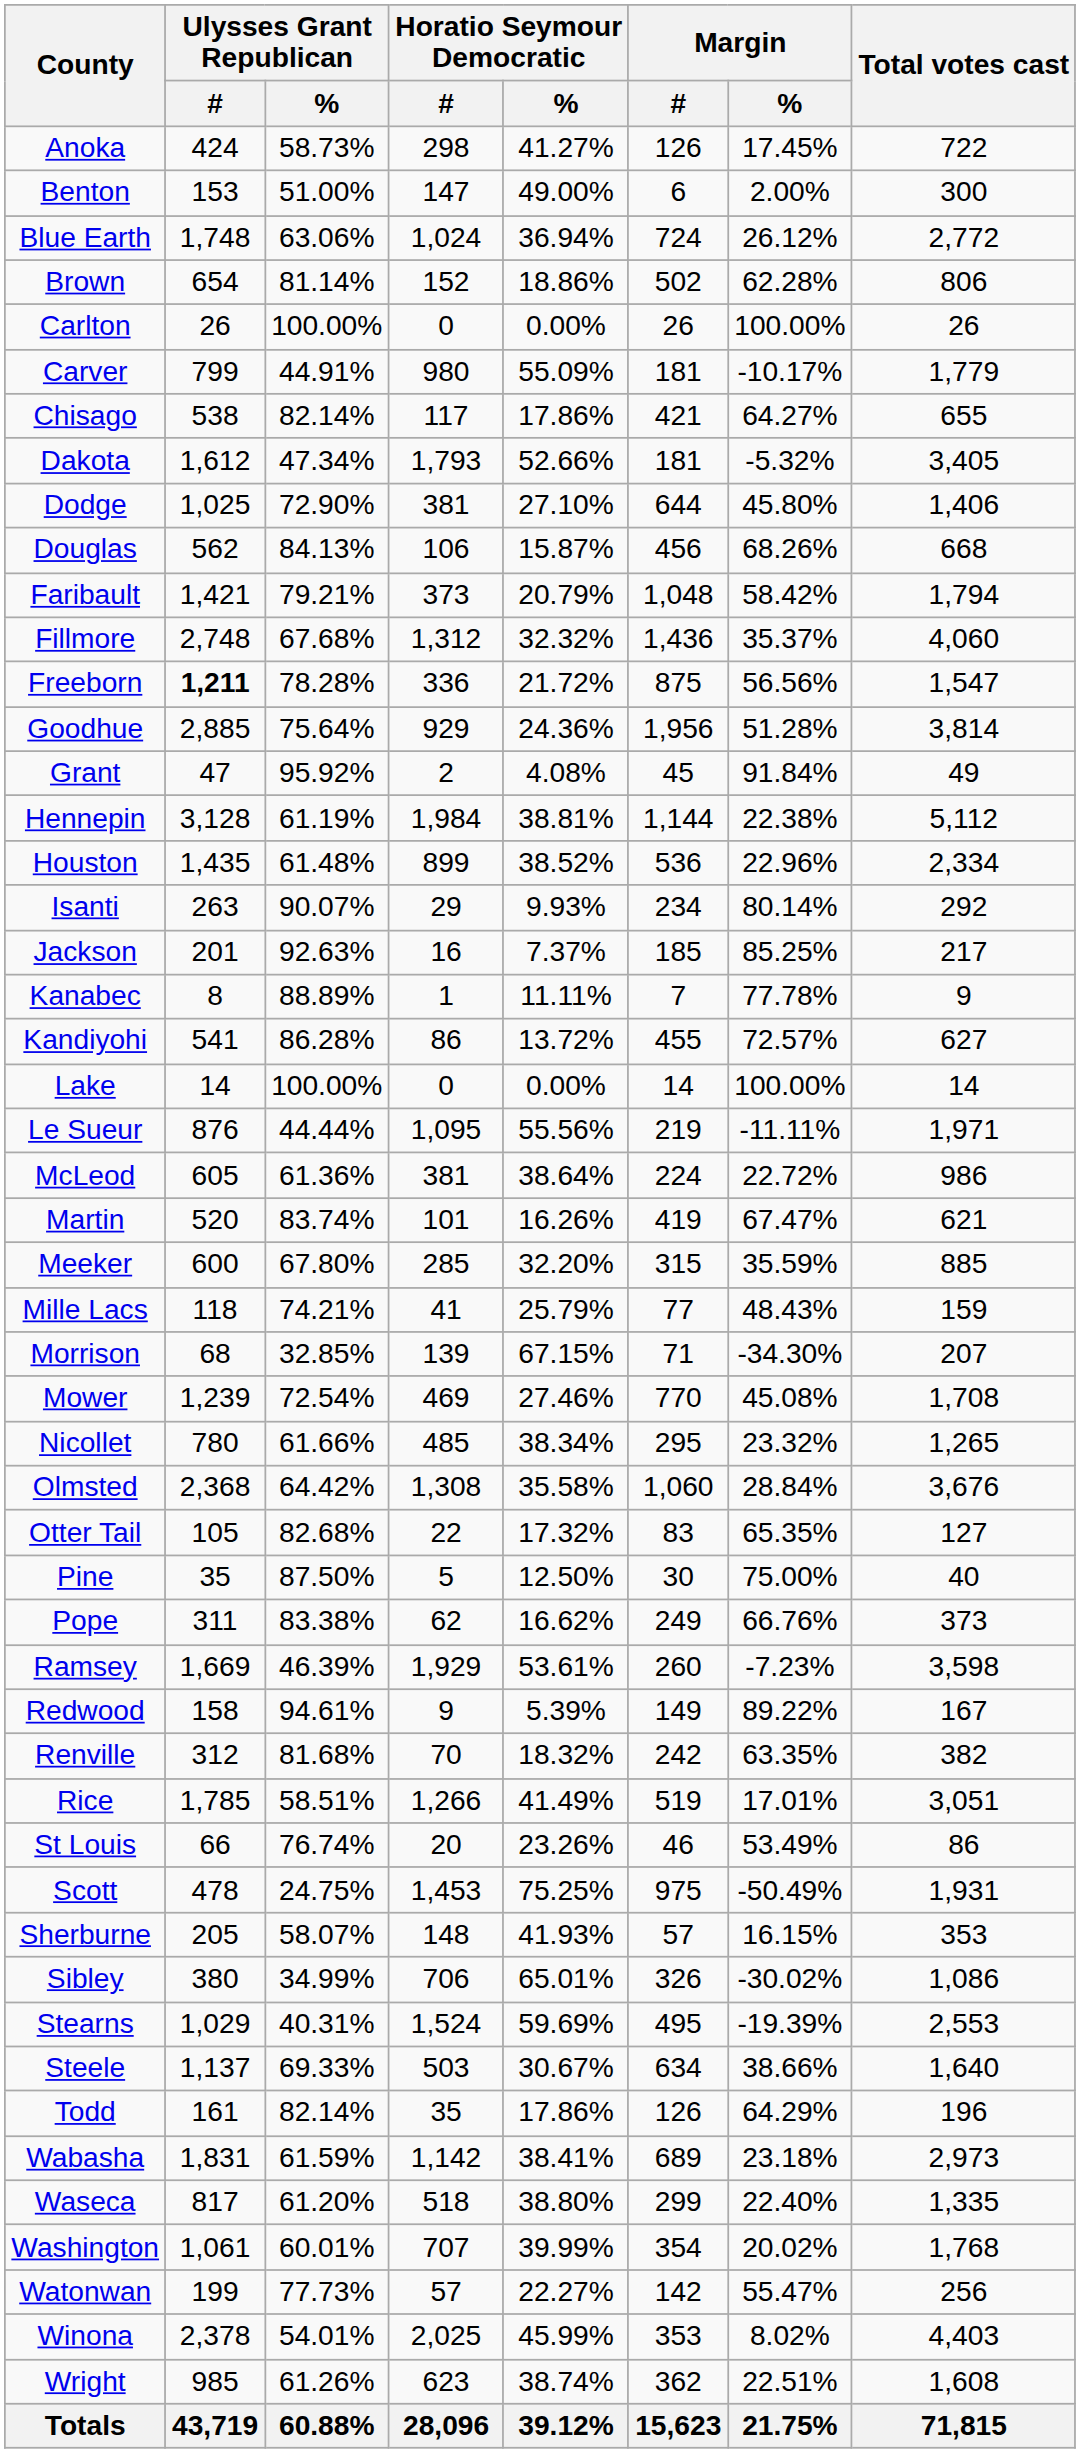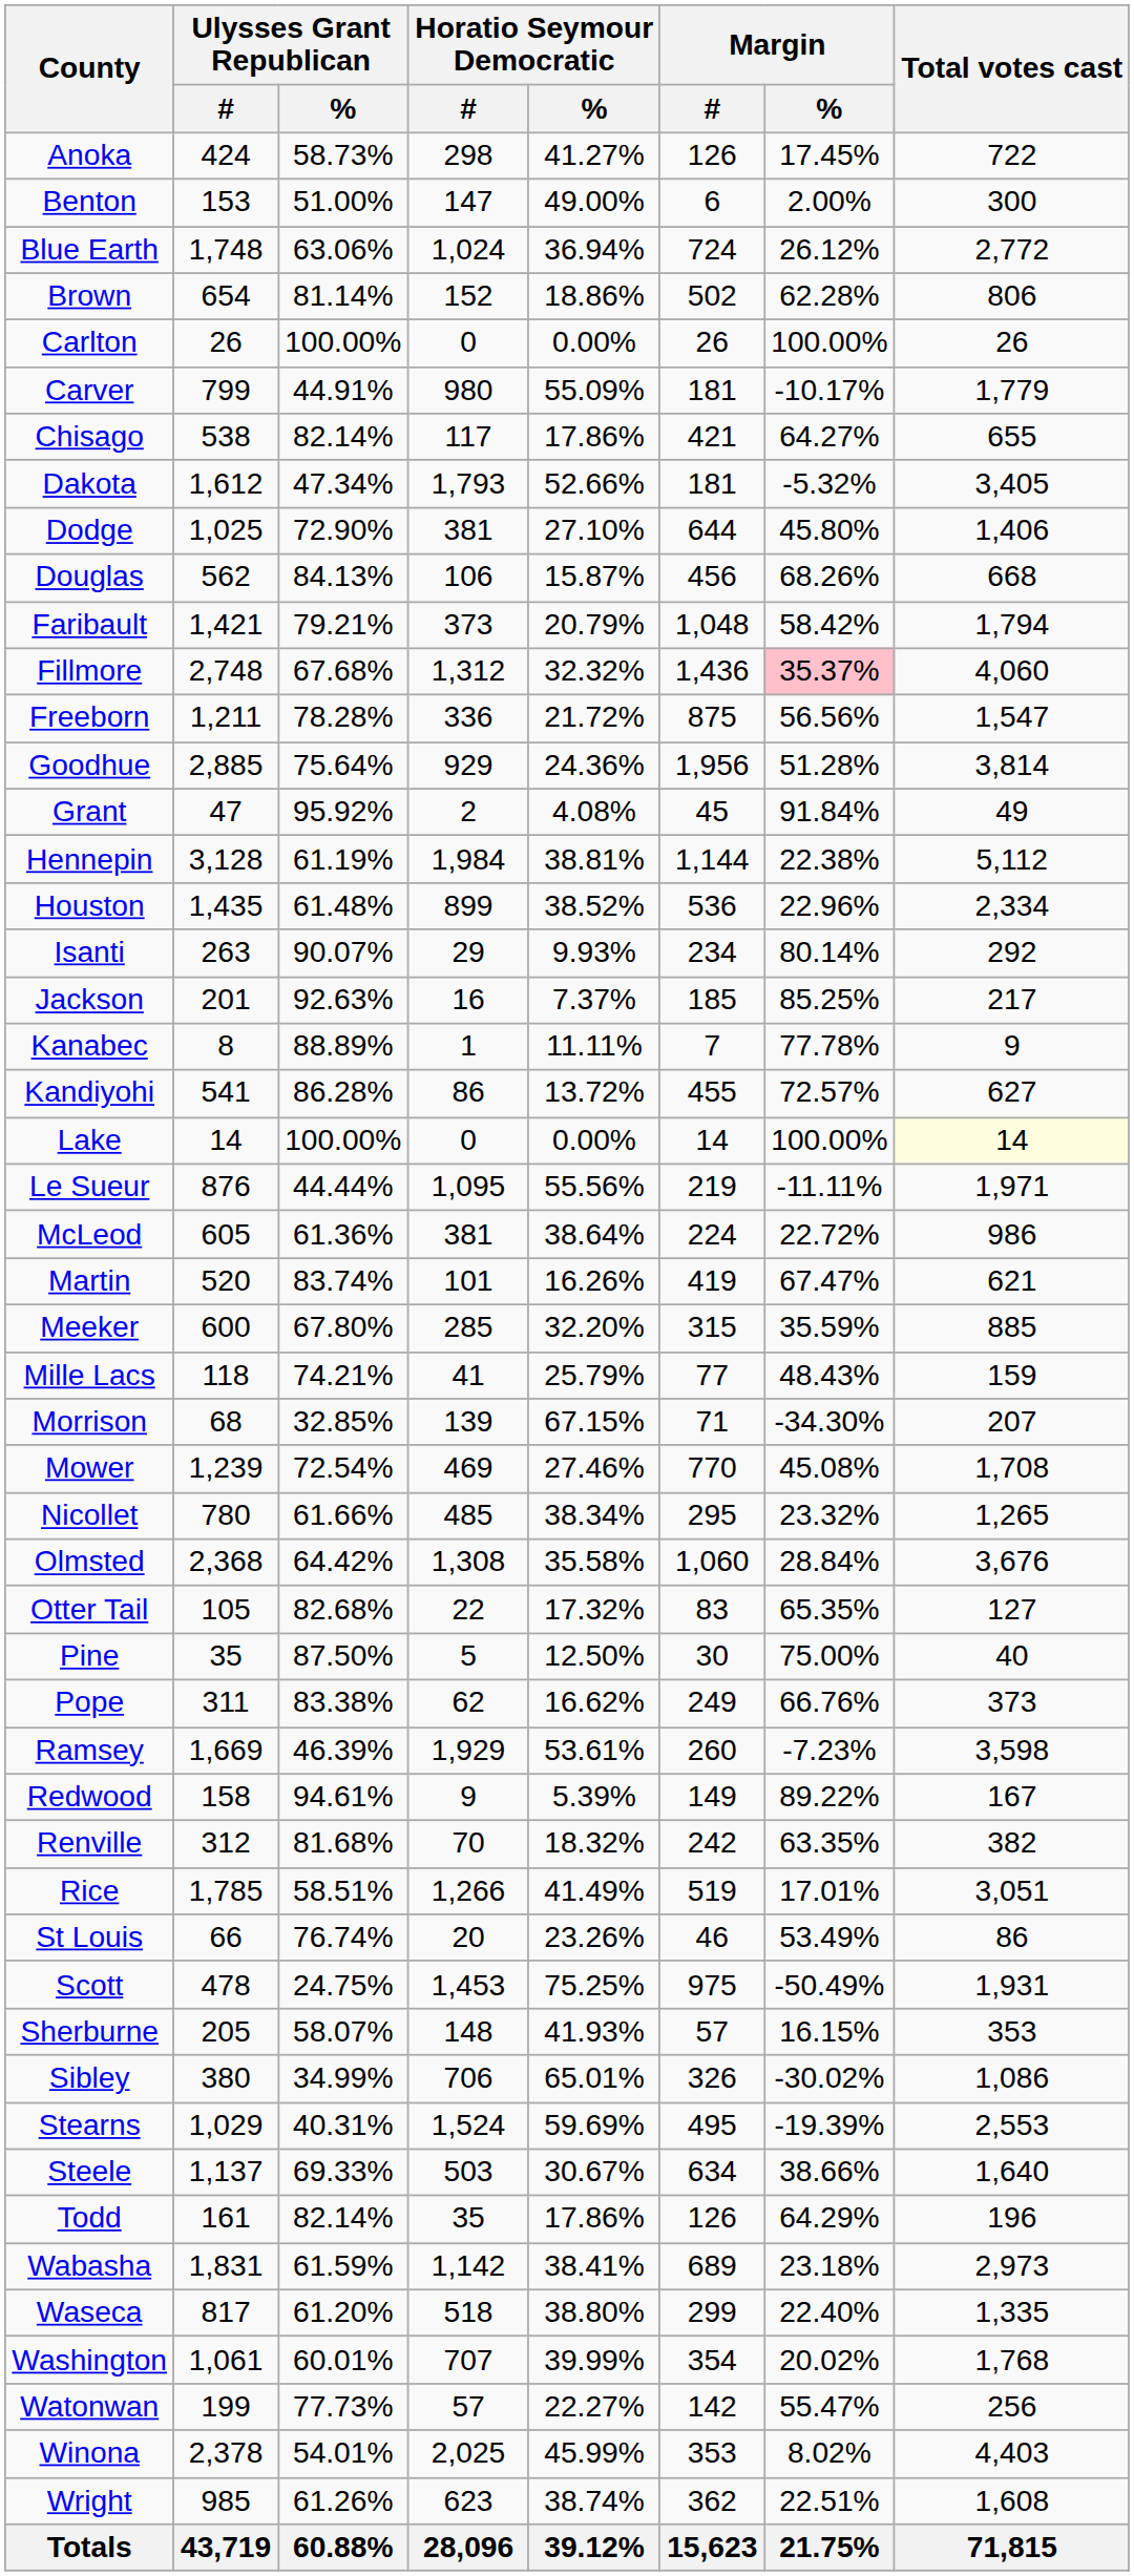 <table class="wikitable sortable" style="text-align:center">
 <tr>
 <th style="text-align:center;" rowspan="2">County</th>
 <th style="text-align:center;" colspan="2">Ulysses Grant<br>Republican</th>
 <th style="text-align:center;" colspan="2">Horatio Seymour<br>Democratic</th>
 <th style="text-align:center;" colspan="2">Margin</th>
 <th style="text-align:center;" rowspan="2">Total votes cast</th>
 </tr>
 <tr>
 <th data-sort-type="number">#</th>
 <th data-sort-type="number">%</th>
 <th data-sort-type="number">#</th>
 <th data-sort-type="number">%</th>
 <th data-sort-type="number">#</th>
 <th data-sort-type="number">%</th>
 </tr>
 <tr style="text-align:center;">
 <td><a href='#'>Anoka</a></td>
 <td>424</td>
 <td>58.73%</td>
 <td>298</td>
 <td>41.27%</td>
 <td>126</td>
 <td>17.45%</td>
 <td>722</td>
 </tr>
 <tr style="text-align:center;">
 <td><a href='#'>Benton</a></td>
 <td>153</td>
 <td>51.00%</td>
 <td>147</td>
 <td>49.00%</td>
 <td>6</td>
 <td>2.00%</td>
 <td>300</td>
 </tr>
 <tr style="text-align:center;">
 <td><a href='#'>Blue Earth</a></td>
 <td>1,748</td>
 <td>63.06%</td>
 <td>1,024</td>
 <td>36.94%</td>
 <td>724</td>
 <td>26.12%</td>
 <td>2,772</td>
 </tr>
 <tr style="text-align:center;">
 <td><a href='#'>Brown</a></td>
 <td>654</td>
 <td>81.14%</td>
 <td>152</td>
 <td>18.86%</td>
 <td>502</td>
 <td>62.28%</td>
 <td>806</td>
 </tr>
 <tr style="text-align:center;">
 <td><a href='#'>Carlton</a></td>
 <td>26</td>
 <td>100.00%</td>
 <td>0</td>
 <td>0.00%</td>
 <td>26</td>
 <td>100.00%</td>
 <td>26</td>
 </tr>
 <tr style="text-align:center;">
 <td><a href='#'>Carver</a></td>
 <td>799</td>
 <td>44.91%</td>
 <td>980</td>
 <td>55.09%</td>
 <td>181</td>
 <td>-10.17%</td>
 <td>1,779</td>
 </tr>
 <tr style="text-align:center;">
 <td><a href='#'>Chisago</a></td>
 <td>538</td>
 <td>82.14%</td>
 <td>117</td>
 <td>17.86%</td>
 <td>421</td>
 <td>64.27%</td>
 <td>655</td>
 </tr>
 <tr style="text-align:center;">
 <td><a href='#'>Dakota</a></td>
 <td>1,612</td>
 <td>47.34%</td>
 <td>1,793</td>
 <td>52.66%</td>
 <td>181</td>
 <td>-5.32%</td>
 <td>3,405</td>
 </tr>
 <tr style="text-align:center;">
 <td><a href='#'>Dodge</a></td>
 <td>1,025</td>
 <td>72.90%</td>
 <td>381</td>
 <td>27.10%</td>
 <td>644</td>
 <td>45.80%</td>
 <td>1,406</td>
 </tr>
 <tr style="text-align:center;">
 <td><a href='#'>Douglas</a></td>
 <td>562</td>
 <td>84.13%</td>
 <td>106</td>
 <td>15.87%</td>
 <td>456</td>
 <td>68.26%</td>
 <td>668</td>
 </tr>
 <tr style="text-align:center;">
 <td><a href='#'>Faribault</a></td>
 <td>1,421</td>
 <td>79.21%</td>
 <td>373</td>
 <td>20.79%</td>
 <td>1,048</td>
 <td>58.42%</td>
 <td>1,794</td>
 </tr>
 <tr style="text-align:center;">
 <td><a href='#'>Fillmore</a></td>
 <td>2,748</td>
 <td>67.68%</td>
 <td>1,312</td>
 <td>32.32%</td>
 <td>1,436</td>
-<td>35.37%</td>
+<td style="background: pink;">35.37%</td>
 <td>4,060</td>
 </tr>
 <tr style="text-align:center;">
 <td><a href='#'>Freeborn</a></td>
-<td><strong>1,211</strong></td>
+<td>1,211</td>
 <td>78.28%</td>
 <td>336</td>
 <td>21.72%</td>
 <td>875</td>
 <td>56.56%</td>
 <td>1,547</td>
 </tr>
 <tr style="text-align:center;">
 <td><a href='#'>Goodhue</a></td>
 <td>2,885</td>
 <td>75.64%</td>
 <td>929</td>
 <td>24.36%</td>
 <td>1,956</td>
 <td>51.28%</td>
 <td>3,814</td>
 </tr>
 <tr style="text-align:center;">
 <td><a href='#'>Grant</a></td>
 <td>47</td>
 <td>95.92%</td>
 <td>2</td>
 <td>4.08%</td>
 <td>45</td>
 <td>91.84%</td>
 <td>49</td>
 </tr>
 <tr style="text-align:center;">
 <td><a href='#'>Hennepin</a></td>
 <td>3,128</td>
 <td>61.19%</td>
 <td>1,984</td>
 <td>38.81%</td>
 <td>1,144</td>
 <td>22.38%</td>
 <td>5,112</td>
 </tr>
 <tr style="text-align:center;">
 <td><a href='#'>Houston</a></td>
 <td>1,435</td>
 <td>61.48%</td>
 <td>899</td>
 <td>38.52%</td>
 <td>536</td>
 <td>22.96%</td>
 <td>2,334</td>
 </tr>
 <tr style="text-align:center;">
 <td><a href='#'>Isanti</a></td>
 <td>263</td>
 <td>90.07%</td>
 <td>29</td>
 <td>9.93%</td>
 <td>234</td>
 <td>80.14%</td>
 <td>292</td>
 </tr>
 <tr style="text-align:center;">
 <td><a href='#'>Jackson</a></td>
 <td>201</td>
 <td>92.63%</td>
 <td>16</td>
 <td>7.37%</td>
 <td>185</td>
 <td>85.25%</td>
 <td>217</td>
 </tr>
 <tr style="text-align:center;">
 <td><a href='#'>Kanabec</a></td>
 <td>8</td>
 <td>88.89%</td>
 <td>1</td>
 <td>11.11%</td>
 <td>7</td>
 <td>77.78%</td>
 <td>9</td>
 </tr>
 <tr style="text-align:center;">
 <td><a href='#'>Kandiyohi</a></td>
 <td>541</td>
 <td>86.28%</td>
 <td>86</td>
 <td>13.72%</td>
 <td>455</td>
 <td>72.57%</td>
 <td>627</td>
 </tr>
 <tr style="text-align:center;">
 <td><a href='#'>Lake</a></td>
 <td>14</td>
 <td>100.00%</td>
 <td>0</td>
 <td>0.00%</td>
 <td>14</td>
 <td>100.00%</td>
-<td>14</td>
+<td style="background: lightyellow;">14</td>
 </tr>
 <tr style="text-align:center;">
 <td><a href='#'>Le Sueur</a></td>
 <td>876</td>
 <td>44.44%</td>
 <td>1,095</td>
 <td>55.56%</td>
 <td>219</td>
 <td>-11.11%</td>
 <td>1,971</td>
 </tr>
 <tr style="text-align:center;">
 <td><a href='#'>McLeod</a></td>
 <td>605</td>
 <td>61.36%</td>
 <td>381</td>
 <td>38.64%</td>
 <td>224</td>
 <td>22.72%</td>
 <td>986</td>
 </tr>
 <tr style="text-align:center;">
 <td><a href='#'>Martin</a></td>
 <td>520</td>
 <td>83.74%</td>
 <td>101</td>
 <td>16.26%</td>
 <td>419</td>
 <td>67.47%</td>
 <td>621</td>
 </tr>
 <tr style="text-align:center;">
 <td><a href='#'>Meeker</a></td>
 <td>600</td>
 <td>67.80%</td>
 <td>285</td>
 <td>32.20%</td>
 <td>315</td>
 <td>35.59%</td>
 <td>885</td>
 </tr>
 <tr style="text-align:center;">
 <td><a href='#'>Mille Lacs</a></td>
 <td>118</td>
 <td>74.21%</td>
 <td>41</td>
 <td>25.79%</td>
 <td>77</td>
 <td>48.43%</td>
 <td>159</td>
 </tr>
 <tr style="text-align:center;">
 <td><a href='#'>Morrison</a></td>
 <td>68</td>
 <td>32.85%</td>
 <td>139</td>
 <td>67.15%</td>
 <td>71</td>
 <td>-34.30%</td>
 <td>207</td>
 </tr>
 <tr style="text-align:center;">
 <td><a href='#'>Mower</a></td>
 <td>1,239</td>
 <td>72.54%</td>
 <td>469</td>
 <td>27.46%</td>
 <td>770</td>
 <td>45.08%</td>
 <td>1,708</td>
 </tr>
 <tr style="text-align:center;">
 <td><a href='#'>Nicollet</a></td>
 <td>780</td>
 <td>61.66%</td>
 <td>485</td>
 <td>38.34%</td>
 <td>295</td>
 <td>23.32%</td>
 <td>1,265</td>
 </tr>
 <tr style="text-align:center;">
 <td><a href='#'>Olmsted</a></td>
 <td>2,368</td>
 <td>64.42%</td>
 <td>1,308</td>
 <td>35.58%</td>
 <td>1,060</td>
 <td>28.84%</td>
 <td>3,676</td>
 </tr>
 <tr style="text-align:center;">
 <td><a href='#'>Otter Tail</a></td>
 <td>105</td>
 <td>82.68%</td>
 <td>22</td>
 <td>17.32%</td>
 <td>83</td>
 <td>65.35%</td>
 <td>127</td>
 </tr>
 <tr style="text-align:center;">
 <td><a href='#'>Pine</a></td>
 <td>35</td>
 <td>87.50%</td>
 <td>5</td>
 <td>12.50%</td>
 <td>30</td>
 <td>75.00%</td>
 <td>40</td>
 </tr>
 <tr style="text-align:center;">
 <td><a href='#'>Pope</a></td>
 <td>311</td>
 <td>83.38%</td>
 <td>62</td>
 <td>16.62%</td>
 <td>249</td>
 <td>66.76%</td>
 <td>373</td>
 </tr>
 <tr style="text-align:center;">
 <td><a href='#'>Ramsey</a></td>
 <td>1,669</td>
 <td>46.39%</td>
 <td>1,929</td>
 <td>53.61%</td>
 <td>260</td>
 <td>-7.23%</td>
 <td>3,598</td>
 </tr>
 <tr style="text-align:center;">
 <td><a href='#'>Redwood</a></td>
 <td>158</td>
 <td>94.61%</td>
 <td>9</td>
 <td>5.39%</td>
 <td>149</td>
 <td>89.22%</td>
 <td>167</td>
 </tr>
 <tr style="text-align:center;">
 <td><a href='#'>Renville</a></td>
 <td>312</td>
 <td>81.68%</td>
 <td>70</td>
 <td>18.32%</td>
 <td>242</td>
 <td>63.35%</td>
 <td>382</td>
 </tr>
 <tr style="text-align:center;">
 <td><a href='#'>Rice</a></td>
 <td>1,785</td>
 <td>58.51%</td>
 <td>1,266</td>
 <td>41.49%</td>
 <td>519</td>
 <td>17.01%</td>
 <td>3,051</td>
 </tr>
 <tr style="text-align:center;">
 <td><a href='#'>St Louis</a></td>
 <td>66</td>
 <td>76.74%</td>
 <td>20</td>
 <td>23.26%</td>
 <td>46</td>
 <td>53.49%</td>
 <td>86</td>
 </tr>
 <tr style="text-align:center;">
 <td><a href='#'>Scott</a></td>
 <td>478</td>
 <td>24.75%</td>
 <td>1,453</td>
 <td>75.25%</td>
 <td>975</td>
 <td>-50.49%</td>
 <td>1,931</td>
 </tr>
 <tr style="text-align:center;">
 <td><a href='#'>Sherburne</a></td>
 <td>205</td>
 <td>58.07%</td>
 <td>148</td>
 <td>41.93%</td>
 <td>57</td>
 <td>16.15%</td>
 <td>353</td>
 </tr>
 <tr style="text-align:center;">
 <td><a href='#'>Sibley</a></td>
 <td>380</td>
 <td>34.99%</td>
 <td>706</td>
 <td>65.01%</td>
 <td>326</td>
 <td>-30.02%</td>
 <td>1,086</td>
 </tr>
 <tr style="text-align:center;">
 <td><a href='#'>Stearns</a></td>
 <td>1,029</td>
 <td>40.31%</td>
 <td>1,524</td>
 <td>59.69%</td>
 <td>495</td>
 <td>-19.39%</td>
 <td>2,553</td>
 </tr>
 <tr style="text-align:center;">
 <td><a href='#'>Steele</a></td>
 <td>1,137</td>
 <td>69.33%</td>
 <td>503</td>
 <td>30.67%</td>
 <td>634</td>
 <td>38.66%</td>
 <td>1,640</td>
 </tr>
 <tr style="text-align:center;">
 <td><a href='#'>Todd</a></td>
 <td>161</td>
 <td>82.14%</td>
 <td>35</td>
 <td>17.86%</td>
 <td>126</td>
 <td>64.29%</td>
 <td>196</td>
 </tr>
 <tr style="text-align:center;">
 <td><a href='#'>Wabasha</a></td>
 <td>1,831</td>
 <td>61.59%</td>
 <td>1,142</td>
 <td>38.41%</td>
 <td>689</td>
 <td>23.18%</td>
 <td>2,973</td>
 </tr>
 <tr style="text-align:center;">
 <td><a href='#'>Waseca</a></td>
 <td>817</td>
 <td>61.20%</td>
 <td>518</td>
 <td>38.80%</td>
 <td>299</td>
 <td>22.40%</td>
 <td>1,335</td>
 </tr>
 <tr style="text-align:center;">
 <td><a href='#'>Washington</a></td>
 <td>1,061</td>
 <td>60.01%</td>
 <td>707</td>
 <td>39.99%</td>
 <td>354</td>
 <td>20.02%</td>
 <td>1,768</td>
 </tr>
 <tr style="text-align:center;">
 <td><a href='#'>Watonwan</a></td>
 <td>199</td>
 <td>77.73%</td>
 <td>57</td>
 <td>22.27%</td>
 <td>142</td>
 <td>55.47%</td>
 <td>256</td>
 </tr>
 <tr style="text-align:center;">
 <td><a href='#'>Winona</a></td>
 <td>2,378</td>
 <td>54.01%</td>
 <td>2,025</td>
 <td>45.99%</td>
 <td>353</td>
 <td>8.02%</td>
 <td>4,403</td>
 </tr>
 <tr style="text-align:center;">
 <td><a href='#'>Wright</a></td>
 <td>985</td>
 <td>61.26%</td>
 <td>623</td>
 <td>38.74%</td>
 <td>362</td>
 <td>22.51%</td>
 <td>1,608</td>
 </tr>
 <tr style="text-align:center;">
 <th>Totals</th>
 <th>43,719</th>
 <th>60.88%</th>
 <th>28,096</th>
 <th>39.12%</th>
 <th>15,623</th>
 <th>21.75%</th>
 <th>71,815</th>
 </tr>
 </table>
